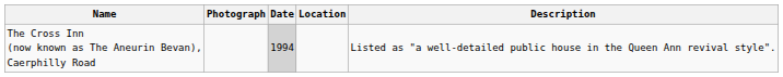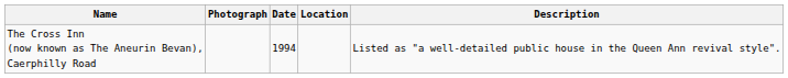 <table class="wikitable sortable" style="border:0px;text-align:left;line-height:150%;">
 <tr>
 <th>Name</th>
 <th class="unsortable">Photograph</th>
 <th class="unsortable">Date</th>
 <th class="unsortable">Location</th>
 <th class="unsortable">Description</th>
 </tr>
 <tr>
 <td>The Cross Inn<br>(now known as The Aneurin Bevan),<br>Caerphilly Road</td>
 <td></td>
-<td style="background: lightgrey;">1994</td>
+<td>1994</td>
 <td><small></small></td>
 <td>Listed as "a well-detailed public house in the Queen Ann revival style".</td>
 </tr>
 <tr>
 </tr>
 </table>
